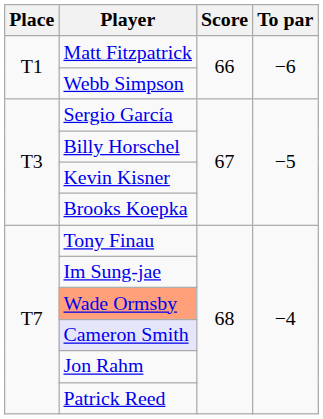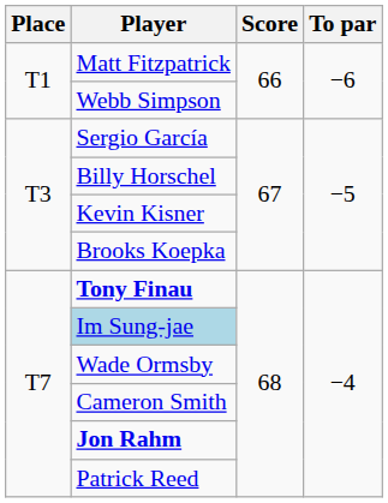 <table class="wikitable">
 <tr>
 <th>Place</th>
 <th>Player</th>
 <th>Score</th>
 <th>To par</th>
 </tr>
 <tr>
 <td rowspan=2 align=center>T1</td>
 <td> <a href='#'>Matt Fitzpatrick</a></td>
 <td rowspan=2 align=center>66</td>
 <td rowspan=2 align=center>−6</td>
 </tr>
 <tr>
 <td> <a href='#'>Webb Simpson</a></td>
 </tr>
 <tr>
 <td rowspan=4 align=center>T3</td>
 <td> <a href='#'>Sergio García</a></td>
 <td rowspan=4 align=center>67</td>
 <td rowspan=4 align=center>−5</td>
 </tr>
 <tr>
 <td> <a href='#'>Billy Horschel</a></td>
 </tr>
 <tr>
 <td> <a href='#'>Kevin Kisner</a></td>
 </tr>
 <tr>
 <td> <a href='#'>Brooks Koepka</a></td>
 </tr>
 <tr>
 <td rowspan=6 align=center>T7</td>
-<td> <a href='#'>Tony Finau</a></td>
+<td><strong> <a href='#'>Tony Finau</a></strong></td>
 <td rowspan=6 align=center>68</td>
 <td rowspan=6 align=center>−4</td>
 </tr>
 <tr>
-<td> <a href='#'>Im Sung-jae</a></td>
+<td style="background: lightblue;"> <a href='#'>Im Sung-jae</a></td>
 </tr>
 <tr>
-<td style="background: lightsalmon;"> <a href='#'>Wade Ormsby</a></td>
+<td> <a href='#'>Wade Ormsby</a></td>
 </tr>
 <tr>
-<td style="background: lavender;"> <a href='#'>Cameron Smith</a></td>
+<td> <a href='#'>Cameron Smith</a></td>
 </tr>
 <tr>
-<td> <a href='#'>Jon Rahm</a></td>
+<td><strong> <a href='#'>Jon Rahm</a></strong></td>
 </tr>
 <tr>
 <td> <a href='#'>Patrick Reed</a></td>
 </tr>
 </table>
